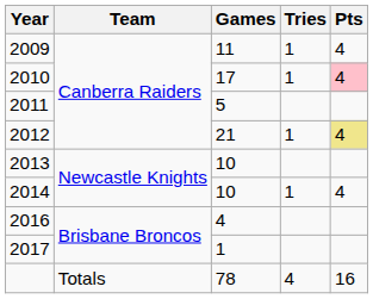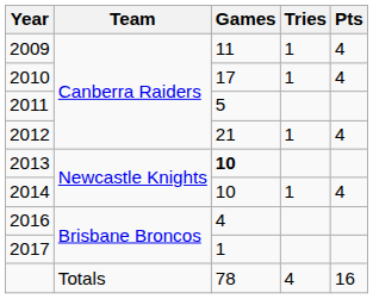 <table class="wikitable">
 <tr>
 <th>Year</th>
 <th>Team</th>
 <th>Games</th>
 <th>Tries</th>
 <th>Pts</th>
 </tr>
 <tr>
 <td>2009</td>
 <td rowspan="4"> <a href='#'>Canberra Raiders</a></td>
 <td>11</td>
 <td>1</td>
 <td>4</td>
 </tr>
 <tr>
 <td>2010</td>
 <td>17</td>
 <td>1</td>
-<td style="background: pink;">4</td>
+<td>4</td>
 </tr>
 <tr>
 <td>2011</td>
 <td>5</td>
 <td></td>
 <td></td>
 </tr>
 <tr>
 <td>2012</td>
 <td>21</td>
 <td>1</td>
-<td style="background: khaki;">4</td>
+<td>4</td>
 </tr>
 <tr>
 <td>2013</td>
 <td rowspan="2"> <a href='#'>Newcastle Knights</a></td>
-<td>10</td>
+<td><strong>10</strong></td>
 <td></td>
 <td></td>
 </tr>
 <tr>
 <td>2014</td>
 <td>10</td>
 <td>1</td>
 <td>4</td>
 </tr>
 <tr>
 <td>2016</td>
 <td rowspan="2"> <a href='#'>Brisbane Broncos</a></td>
 <td>4</td>
 <td></td>
 <td></td>
 </tr>
 <tr>
 <td>2017</td>
 <td>1</td>
 <td></td>
 <td></td>
 </tr>
 <tr>
 <td></td>
 <td>Totals</td>
 <td>78</td>
 <td>4</td>
 <td>16</td>
 </tr>
 </table>
